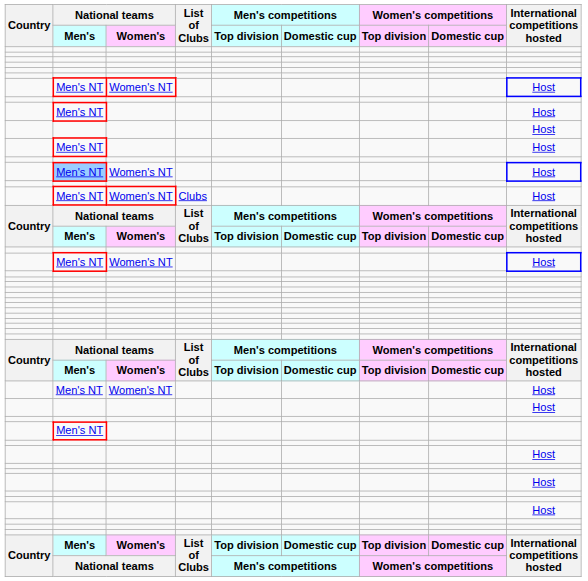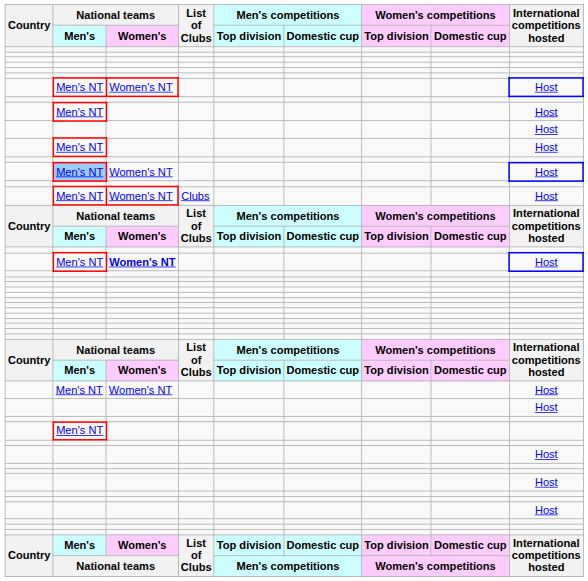 <table class="wikitable" style="text-align: left; font-size: 90%; margin-left: 1em;">
 <tr>
 <th rowspan="2">Country</th>
 <th colspan="2">National teams</th>
 <th rowspan="2">List<br>of<br>Clubs</th>
 <th colspan="2" style="background-color: #ccffff;">Men's competitions</th>
 <th colspan="2" style="background-color: #ffccff;">Women's competitions</th>
 <th rowspan="2">International<br>competitions<br>hosted</th>
 </tr>
 <tr>
 <th style="background-color: #ccffff;">Men's</th>
 <th style="background-color: #ffccff;">Women's</th>
 <th style="background-color: #ccffff;">Top division</th>
 <th style="background-color: #ccffff;">Domestic cup</th>
 <th style="background-color: #ffccff;">Top division</th>
 <th style="background-color: #ffccff;">Domestic cup</th>
 </tr>
 <tr>
 <td></td>
 <td></td>
 <td></td>
 <td></td>
 <td></td>
 <td></td>
 <td></td>
 <td></td>
 <td></td>
 </tr>
 <tr>
 <td></td>
 <td></td>
 <td></td>
 <td></td>
 <td></td>
 <td></td>
 <td></td>
 <td></td>
 <td></td>
 </tr>
 <tr>
 <td></td>
 <td></td>
 <td></td>
 <td></td>
 <td></td>
 <td></td>
 <td></td>
 <td></td>
 <td></td>
 </tr>
 <tr>
 <td></td>
 <td></td>
 <td></td>
 <td></td>
 <td></td>
 <td></td>
 <td></td>
 <td></td>
 <td></td>
 </tr>
 <tr>
 <td></td>
 <td></td>
 <td></td>
 <td></td>
 <td></td>
 <td></td>
 <td></td>
 <td></td>
 <td></td>
 </tr>
 <tr>
 <td></td>
 <td></td>
 <td></td>
 <td></td>
 <td></td>
 <td></td>
 <td></td>
 <td></td>
 <td></td>
 </tr>
 <tr>
 <td></td>
 <td style="border: 2px solid red;"><a href='#'>Men's NT</a></td>
 <td style="border: 2px solid red;"><a href='#'>Women's NT</a></td>
 <td></td>
 <td></td>
 <td></td>
 <td></td>
 <td></td>
 <td style="border: 2px solid blue; text-align: center;"><a href='#'>Host</a></td>
 </tr>
 <tr>
 <td></td>
 <td></td>
 <td></td>
 <td></td>
 <td></td>
 <td></td>
 <td></td>
 <td></td>
 <td></td>
 </tr>
 <tr>
 <td></td>
 <td style="border: 2px solid red;"><a href='#'>Men's NT</a></td>
 <td></td>
 <td></td>
 <td></td>
 <td></td>
 <td></td>
 <td></td>
 <td style="text-align: center;"><a href='#'>Host</a></td>
 </tr>
 <tr>
 <td></td>
 <td></td>
 <td></td>
 <td></td>
 <td></td>
 <td></td>
 <td></td>
 <td></td>
 <td style="text-align: center;"><a href='#'>Host</a></td>
 </tr>
 <tr>
 <td></td>
 <td style="border: 2px solid red;"><a href='#'>Men's NT</a></td>
 <td></td>
 <td></td>
 <td></td>
 <td></td>
 <td></td>
 <td></td>
 <td style="text-align: center;"><a href='#'>Host</a></td>
 </tr>
 <tr>
 <td></td>
 <td></td>
 <td></td>
 <td></td>
 <td></td>
 <td></td>
 <td></td>
 <td></td>
 <td></td>
 </tr>
 <tr>
 <td></td>
 <td style="border: 2px solid red; background-color: #9acdff;"><a href='#'>Men's NT</a></td>
 <td><a href='#'>Women's NT</a></td>
 <td></td>
 <td></td>
 <td></td>
 <td></td>
 <td></td>
 <td style="border: 2px solid blue; text-align: center;"><a href='#'>Host</a></td>
 </tr>
 <tr>
 <td></td>
 <td></td>
 <td></td>
 <td></td>
 <td></td>
 <td></td>
 <td></td>
 <td></td>
 <td></td>
 </tr>
 <tr>
 <td></td>
 <td style="border: 2px solid red;"><a href='#'>Men's NT</a></td>
 <td style="border: 2px solid red;"><a href='#'>Women's NT</a></td>
 <td><a href='#'>Clubs</a></td>
 <td></td>
 <td></td>
 <td></td>
 <td></td>
 <td style="text-align: center;"><a href='#'>Host</a></td>
 </tr>
 <tr>
 <th rowspan="2">Country</th>
 <th colspan="2">National teams</th>
 <th rowspan="2">List<br>of<br>Clubs</th>
 <th colspan="2" style="background-color: #ccffff;">Men's competitions</th>
 <th colspan="2" style="background-color: #ffccff;">Women's competitions</th>
 <th rowspan="2">International<br>competitions<br>hosted</th>
 </tr>
 <tr>
 <th style="background-color: #ccffff;">Men's</th>
 <th style="background-color: #ffccff;">Women's</th>
 <th style="background-color: #ccffff;">Top division</th>
 <th style="background-color: #ccffff;">Domestic cup</th>
 <th style="background-color: #ffccff;">Top division</th>
 <th style="background-color: #ffccff;">Domestic cup</th>
 </tr>
 <tr>
 <td></td>
 <td></td>
 <td></td>
 <td></td>
 <td></td>
 <td></td>
 <td></td>
 <td></td>
 <td></td>
 </tr>
 <tr>
 <td></td>
 <td style="border: 2px solid red;"><a href='#'>Men's NT</a></td>
-<td><a href='#'>Women's NT</a></td>
+<td><strong><a href='#'>Women's NT</a></strong></td>
 <td></td>
 <td></td>
 <td></td>
 <td></td>
 <td></td>
 <td style="border: 2px solid blue; text-align: center;"><a href='#'>Host</a></td>
 </tr>
 <tr>
 <td></td>
 <td></td>
 <td></td>
 <td></td>
 <td></td>
 <td></td>
 <td></td>
 <td></td>
 <td></td>
 </tr>
 <tr>
 <td></td>
 <td></td>
 <td></td>
 <td></td>
 <td></td>
 <td></td>
 <td></td>
 <td></td>
 <td></td>
 </tr>
 <tr>
 <td></td>
 <td></td>
 <td></td>
 <td></td>
 <td></td>
 <td></td>
 <td></td>
 <td></td>
 <td></td>
 </tr>
 <tr>
 <td></td>
 <td></td>
 <td></td>
 <td></td>
 <td></td>
 <td></td>
 <td></td>
 <td></td>
 <td></td>
 </tr>
 <tr>
 <td></td>
 <td></td>
 <td></td>
 <td></td>
 <td></td>
 <td></td>
 <td></td>
 <td></td>
 <td></td>
 </tr>
 <tr>
 <td></td>
 <td></td>
 <td></td>
 <td></td>
 <td></td>
 <td></td>
 <td></td>
 <td></td>
 <td></td>
 </tr>
 <tr>
 <td></td>
 <td></td>
 <td></td>
 <td></td>
 <td></td>
 <td></td>
 <td></td>
 <td></td>
 <td></td>
 </tr>
 <tr>
 <td></td>
 <td></td>
 <td></td>
 <td></td>
 <td></td>
 <td></td>
 <td></td>
 <td></td>
 <td></td>
 </tr>
 <tr>
 <td></td>
 <td></td>
 <td></td>
 <td></td>
 <td></td>
 <td></td>
 <td></td>
 <td></td>
 <td></td>
 </tr>
 <tr>
 <td></td>
 <td></td>
 <td></td>
 <td></td>
 <td></td>
 <td></td>
 <td></td>
 <td></td>
 <td></td>
 </tr>
 <tr>
 <td></td>
 <td></td>
 <td></td>
 <td></td>
 <td></td>
 <td></td>
 <td></td>
 <td></td>
 <td></td>
 </tr>
 <tr>
 <td></td>
 <td></td>
 <td></td>
 <td></td>
 <td></td>
 <td></td>
 <td></td>
 <td></td>
 <td></td>
 </tr>
 <tr>
 <td></td>
 <td></td>
 <td></td>
 <td></td>
 <td></td>
 <td></td>
 <td></td>
 <td></td>
 <td></td>
 </tr>
 <tr>
 <th rowspan="2">Country</th>
 <th colspan="2">National teams</th>
 <th rowspan="2">List<br>of<br>Clubs</th>
 <th colspan="2" style="background-color: #ccffff;">Men's competitions</th>
 <th colspan="2" style="background-color: #ffccff;">Women's competitions</th>
 <th rowspan="2">International<br>competitions<br>hosted</th>
 </tr>
 <tr>
 <th style="background-color: #ccffff;">Men's</th>
 <th style="background-color: #ffccff;">Women's</th>
 <th style="background-color: #ccffff;">Top division</th>
 <th style="background-color: #ccffff;">Domestic cup</th>
 <th style="background-color: #ffccff;">Top division</th>
 <th style="background-color: #ffccff;">Domestic cup</th>
 </tr>
 <tr>
 <td></td>
 <td><a href='#'>Men's NT</a></td>
 <td><a href='#'>Women's NT</a></td>
 <td></td>
 <td></td>
 <td></td>
 <td></td>
 <td></td>
 <td style="text-align: center;"><a href='#'>Host</a></td>
 </tr>
 <tr>
 <td></td>
 <td></td>
 <td></td>
 <td></td>
 <td></td>
 <td></td>
 <td></td>
 <td></td>
 <td style="text-align: center;"><a href='#'>Host</a></td>
 </tr>
 <tr>
 <td></td>
 <td></td>
 <td></td>
 <td></td>
 <td></td>
 <td></td>
 <td></td>
 <td></td>
 <td></td>
 </tr>
 <tr>
 <td></td>
 <td style="border: 2px solid red;"><a href='#'>Men's NT</a></td>
 <td></td>
 <td></td>
 <td></td>
 <td></td>
 <td></td>
 <td></td>
 <td></td>
 </tr>
 <tr>
 <td></td>
 <td></td>
 <td></td>
 <td></td>
 <td></td>
 <td></td>
 <td></td>
 <td></td>
 <td></td>
 </tr>
 <tr>
 <td></td>
 <td></td>
 <td></td>
 <td></td>
 <td></td>
 <td></td>
 <td></td>
 <td></td>
 <td style="text-align: center;"><a href='#'>Host</a></td>
 </tr>
 <tr>
 <td></td>
 <td></td>
 <td></td>
 <td></td>
 <td></td>
 <td></td>
 <td></td>
 <td></td>
 <td></td>
 </tr>
 <tr>
 <td></td>
 <td></td>
 <td></td>
 <td></td>
 <td></td>
 <td></td>
 <td></td>
 <td></td>
 <td></td>
 </tr>
 <tr>
 <td></td>
 <td></td>
 <td></td>
 <td></td>
 <td></td>
 <td></td>
 <td></td>
 <td></td>
 <td style="text-align: center;"><a href='#'>Host</a></td>
 </tr>
 <tr>
 <td></td>
 <td></td>
 <td></td>
 <td></td>
 <td></td>
 <td></td>
 <td></td>
 <td></td>
 <td></td>
 </tr>
 <tr>
 <td></td>
 <td></td>
 <td></td>
 <td></td>
 <td></td>
 <td></td>
 <td></td>
 <td></td>
 <td></td>
 </tr>
 <tr>
 <td></td>
 <td></td>
 <td></td>
 <td></td>
 <td></td>
 <td></td>
 <td></td>
 <td></td>
 <td style="text-align: center;"><a href='#'>Host</a></td>
 </tr>
 <tr>
 <td></td>
 <td></td>
 <td></td>
 <td></td>
 <td></td>
 <td></td>
 <td></td>
 <td></td>
 <td></td>
 </tr>
 <tr>
 <td></td>
 <td></td>
 <td></td>
 <td></td>
 <td></td>
 <td></td>
 <td></td>
 <td></td>
 <td></td>
 </tr>
 <tr>
 <td></td>
 <td></td>
 <td></td>
 <td></td>
 <td></td>
 <td></td>
 <td></td>
 <td></td>
 <td></td>
 </tr>
 <tr>
 <th rowspan="2">Country</th>
 <th style="background-color: #ccffff;">Men's</th>
 <th style="background-color: #ffccff;">Women's</th>
 <th rowspan="2">List<br>of<br>Clubs</th>
 <th style="background-color: #ccffff;">Top division</th>
 <th style="background-color: #ccffff;">Domestic cup</th>
 <th style="background-color: #ffccff;">Top division</th>
 <th style="background-color: #ffccff;">Domestic cup</th>
 <th rowspan="2">International<br>competitions<br>hosted</th>
 </tr>
 <tr>
 <th colspan="2">National teams</th>
 <th colspan="2" style="background-color: #ccffff;">Men's competitions</th>
 <th colspan="2" style="background-color: #ffccff;">Women's competitions</th>
 </tr>
 </table>
